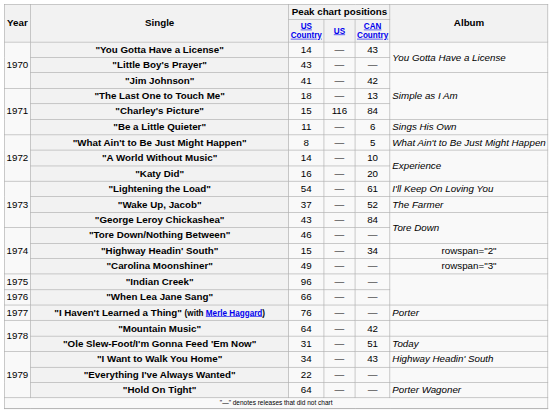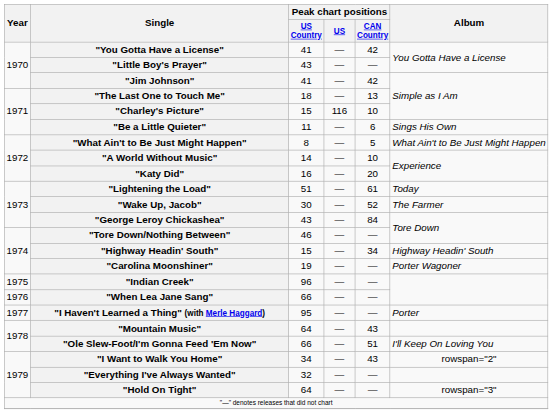 <table class="wikitable plainrowheaders" style="text-align:center;">
 <tr>
 <th rowspan="2">Year</th>
 <th rowspan="2" style="width:26em;">Single</th>
 <th colspan="3">Peak chart positions</th>
 <th rowspan="2">Album</th>
 </tr>
 <tr style="font-size:smaller;">
 <th width="45"><a href='#'>US Country</a></th>
 <th width="45"><a href='#'>US</a></th>
 <th width="45"><a href='#'>CAN Country</a></th>
 </tr>
 <tr>
 <td rowspan="3">1970</td>
 <th scope="row">"You Gotta Have a License"</th>
-<td>14</td>
+<td>41</td>
 <td>—</td>
-<td>43</td>
+<td>42</td>
 <td align="left" rowspan="2"><em>You Gotta Have a License</em></td>
 </tr>
 <tr>
 <th scope="row">"Little Boy's Prayer"</th>
 <td>43</td>
 <td>—</td>
 <td>—</td>
 </tr>
 <tr>
 <th scope="row">"Jim Johnson"</th>
 <td>41</td>
 <td>—</td>
 <td>42</td>
 <td align="left" rowspan="3"><em>Simple as I Am</em></td>
 </tr>
 <tr>
 <td rowspan="3">1971</td>
 <th scope="row">"The Last One to Touch Me"</th>
 <td>18</td>
 <td>—</td>
 <td>13</td>
 </tr>
 <tr>
 <th scope="row">"Charley's Picture"</th>
 <td>15</td>
 <td>116</td>
-<td>84</td>
+<td>10</td>
 </tr>
 <tr>
 <th scope="row">"Be a Little Quieter"</th>
 <td>11</td>
 <td>—</td>
 <td>6</td>
 <td align="left"><em>Sings His Own</em></td>
 </tr>
 <tr>
 <td rowspan="3">1972</td>
 <th scope="row">"What Ain't to Be Just Might Happen"</th>
 <td>8</td>
 <td>—</td>
 <td>5</td>
 <td align="left"><em>What Ain't to Be Just Might Happen</em></td>
 </tr>
 <tr>
 <th scope="row">"A World Without Music"</th>
 <td>14</td>
 <td>—</td>
 <td>10</td>
 <td align="left" rowspan="2"><em>Experience</em></td>
 </tr>
 <tr>
 <th scope="row">"Katy Did"</th>
 <td>16</td>
 <td>—</td>
 <td>20</td>
 </tr>
 <tr>
 <td rowspan="3">1973</td>
 <th scope="row">"Lightening the Load"</th>
-<td>54</td>
+<td>51</td>
 <td>—</td>
 <td>61</td>
-<td align="left"><em>I'll Keep On Loving You</em></td>
+<td align="left"><em>Today</em></td>
 </tr>
 <tr>
 <th scope="row">"Wake Up, Jacob"</th>
-<td>37</td>
+<td>30</td>
 <td>—</td>
 <td>52</td>
 <td align="left"><em>The Farmer</em></td>
 </tr>
 <tr>
 <th scope="row">"George Leroy Chickashea"</th>
 <td>43</td>
 <td>—</td>
 <td>84</td>
 <td align="left" rowspan="2"><em>Tore Down</em></td>
 </tr>
 <tr>
 <td rowspan="3">1974</td>
 <th scope="row">"Tore Down/Nothing Between"</th>
 <td>46</td>
 <td>—</td>
 <td>—</td>
 </tr>
 <tr>
 <th scope="row">"Highway Headin' South"</th>
 <td>15</td>
 <td>—</td>
 <td>34</td>
-<td>rowspan="2" </td>
+<td align="left"><em>Highway Headin' South</em></td>
 </tr>
 <tr>
 <th scope="row">"Carolina Moonshiner"</th>
-<td>49</td>
+<td>19</td>
 <td>—</td>
 <td>—</td>
-<td>rowspan="3" </td>
+<td align="left"><em>Porter Wagoner</em></td>
 </tr>
 <tr>
 <td>1975</td>
 <th scope="row">"Indian Creek"</th>
 <td>96</td>
 <td>—</td>
 <td>—</td>
 </tr>
 <tr>
 <td>1976</td>
 <th scope="row">"When Lea Jane Sang"</th>
 <td>66</td>
 <td>—</td>
 <td>—</td>
 </tr>
 <tr>
 <td>1977</td>
 <th scope="row">"I Haven't Learned a Thing" <small>(with <a href='#'>Merle Haggard</a>)</small></th>
-<td>76</td>
+<td>95</td>
 <td>—</td>
 <td>—</td>
 <td align="left"><em>Porter</em></td>
 </tr>
 <tr>
 <td rowspan="2">1978</td>
 <th scope="row">"Mountain Music"</th>
 <td>64</td>
 <td>—</td>
-<td>42</td>
+<td>43</td>
 <td></td>
 </tr>
 <tr>
 <th scope="row">"Ole Slew-Foot/I'm Gonna Feed 'Em Now"</th>
-<td>31</td>
+<td>66</td>
 <td>—</td>
 <td>51</td>
-<td align="left"><em>Today</em></td>
+<td align="left"><em>I'll Keep On Loving You</em></td>
 </tr>
 <tr>
 <td rowspan="3">1979</td>
 <th scope="row">"I Want to Walk You Home"</th>
 <td>34</td>
 <td>—</td>
 <td>43</td>
-<td align="left"><em>Highway Headin' South</em></td>
+<td>rowspan="2" </td>
 </tr>
 <tr>
 <th scope="row">"Everything I've Always Wanted"</th>
-<td>22</td>
+<td>32</td>
 <td>—</td>
 <td>—</td>
 </tr>
 <tr>
 <th scope="row">"Hold On Tight"</th>
 <td>64</td>
 <td>—</td>
 <td>—</td>
-<td align="left"><em>Porter Wagoner</em></td>
+<td>rowspan="3" </td>
 </tr>
 <tr>
 <td colspan="6" style="font-size: 8pt">"—" denotes releases that did not chart</td>
 </tr>
 <tr>
 </tr>
 </table>
